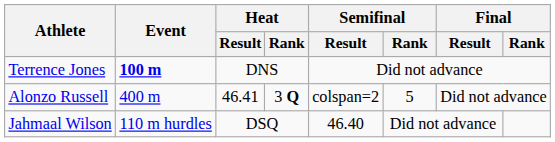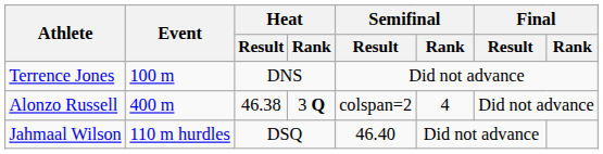 <table class="wikitable" style="font-size:90%; text-align:center">
 <tr>
 <th rowspan=2>Athlete</th>
 <th rowspan=2>Event</th>
 <th colspan=2>Heat</th>
 <th colspan=2>Semifinal</th>
 <th colspan=2>Final</th>
 </tr>
 <tr style="font-size:95%">
 <th>Result</th>
 <th>Rank</th>
 <th>Result</th>
 <th>Rank</th>
 <th>Result</th>
 <th>Rank</th>
 </tr>
 <tr>
 <td align=left><a href='#'>Terrence Jones</a></td>
-<td align=left rowspan=1><strong><a href='#'>100 m</a></strong></td>
+<td align=left rowspan=1><a href='#'>100 m</a></td>
 <td colspan=2>DNS</td>
 <td colspan=4>Did not advance</td>
 </tr>
 <tr>
 <td align=left><a href='#'>Alonzo Russell</a></td>
 <td align=left rowspan=1><a href='#'>400 m</a></td>
-<td>46.41</td>
+<td>46.38</td>
 <td>3 <strong>Q</strong></td>
 <td>colspan=2 </td>
-<td>5</td>
+<td>4</td>
 <td colspan=2>Did not advance</td>
 </tr>
 <tr>
 <td align=left><a href='#'>Jahmaal Wilson</a></td>
 <td align=left rowspan=1><a href='#'>110 m hurdles</a></td>
 <td colspan=2>DSQ</td>
 <td>46.40</td>
 <td colspan=2>Did not advance</td>
 </tr>
 </table>
